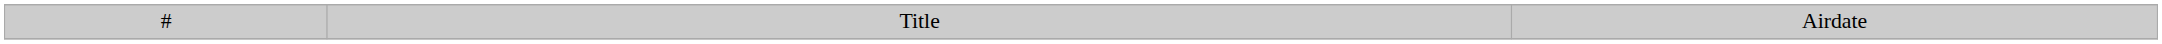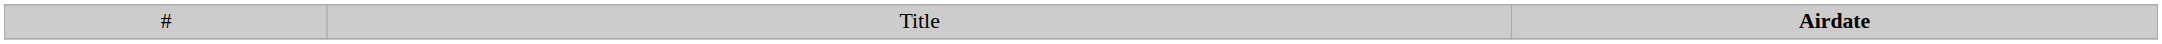 <table class="wikitable plainrowheaders" width="100%">
 <tr>
 </tr>
 <tr bgcolor=#CCCCCC>
 <td align="center" width="15%">#</td>
 <td align="center" width="55%">Title</td>
-<td align="center" width="30%">Airdate</td>
+<td align="center" width="30%"><strong>Airdate</strong></td>
 </tr>
 <tr>
 </tr>
 </table>
